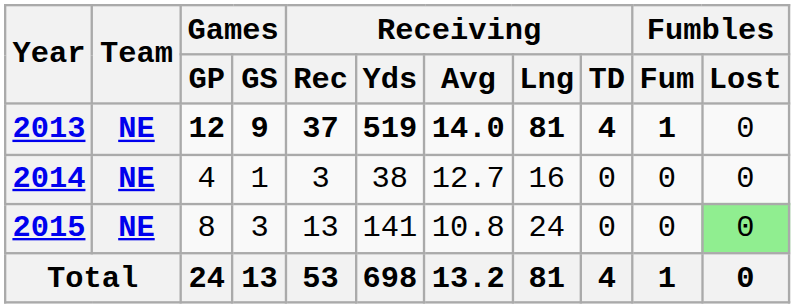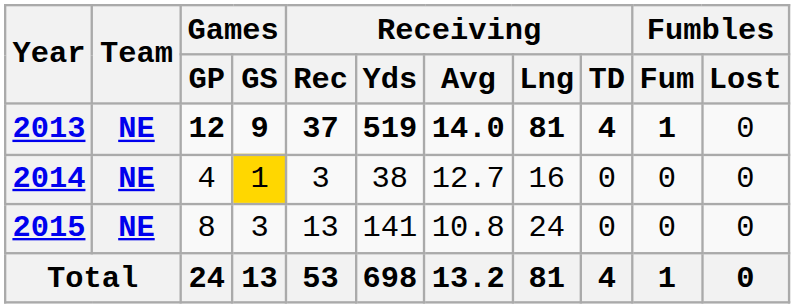 <table class=wikitable style="text-align:center;">
 <tr>
 <th rowspan="2">Year</th>
 <th rowspan="2">Team</th>
 <th colspan="2">Games</th>
 <th colspan="5">Receiving</th>
 <th colspan="2">Fumbles</th>
 </tr>
 <tr>
 <th>GP</th>
 <th>GS</th>
 <th>Rec</th>
 <th>Yds</th>
 <th>Avg</th>
 <th>Lng</th>
 <th>TD</th>
 <th>Fum</th>
 <th>Lost</th>
 </tr>
 <tr>
 <th><a href='#'>2013</a></th>
 <th><a href='#'>NE</a></th>
 <td><strong>12</strong></td>
 <td><strong>9</strong></td>
 <td><strong>37</strong></td>
 <td><strong>519</strong></td>
 <td><strong>14.0</strong></td>
 <td><strong>81</strong></td>
 <td><strong>4</strong></td>
 <td><strong>1</strong></td>
 <td>0</td>
 </tr>
 <tr>
 <th><a href='#'>2014</a></th>
 <th><a href='#'>NE</a></th>
 <td>4</td>
-<td>1</td>
+<td style="background: gold;">1</td>
 <td>3</td>
 <td>38</td>
 <td>12.7</td>
 <td>16</td>
 <td>0</td>
 <td>0</td>
 <td>0</td>
 </tr>
 <tr>
 <th><a href='#'>2015</a></th>
 <th><a href='#'>NE</a></th>
 <td>8</td>
 <td>3</td>
 <td>13</td>
 <td>141</td>
 <td>10.8</td>
 <td>24</td>
 <td>0</td>
 <td>0</td>
-<td style="background: lightgreen;">0</td>
+<td>0</td>
 </tr>
 <tr>
 <th colspan="2">Total</th>
 <th>24</th>
 <th>13</th>
 <th>53</th>
 <th>698</th>
 <th>13.2</th>
 <th>81</th>
 <th>4</th>
 <th>1</th>
 <th>0</th>
 </tr>
 </table>
